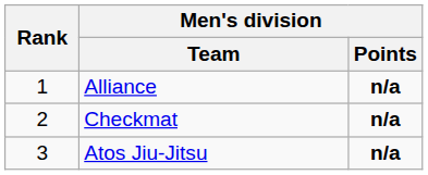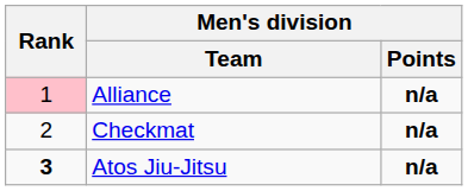 <table class="wikitable" style="text-align:center;">
 <tr>
 <th rowspan="2" width="50">Rank</th>
 <th colspan="2">Men's division</th>
 </tr>
 <tr>
 <th width="200">Team</th>
 <th width="50">Points</th>
 </tr>
 <tr>
-<td>1</td>
+<td style="background: pink;">1</td>
 <td style=text-align:left><a href='#'>Alliance</a></td>
 <td><strong>n/a</strong></td>
 </tr>
 <tr>
 <td>2</td>
 <td style=text-align:left><a href='#'>Checkmat</a></td>
 <td><strong>n/a</strong></td>
 </tr>
 <tr>
-<td>3</td>
+<td><strong>3</strong></td>
 <td style=text-align:left><a href='#'>Atos Jiu-Jitsu</a></td>
 <td><strong>n/a</strong></td>
 </tr>
 </table>
